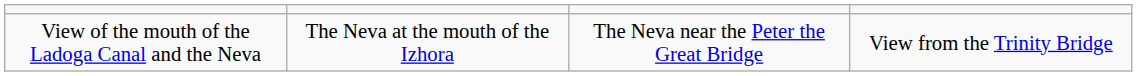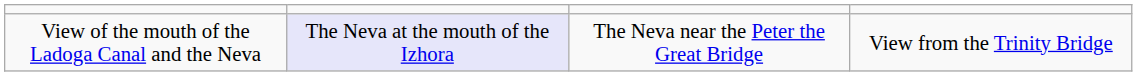 <table Class = "wikitable" style = "text-align: center">
 <tr>
 <td style="width:25%;"></td>
 <td style="width:25%;"></td>
 <td style="width:25%;"></td>
 <td style="width:25%;"></td>
 </tr>
 <tr>
 <td>View of the mouth of the <a href='#'>Ladoga Canal</a> and the Neva</td>
-<td>The Neva at the mouth of the <a href='#'>Izhora</a></td>
+<td style="background: lavender;">The Neva at the mouth of the <a href='#'>Izhora</a></td>
 <td>The Neva near the <a href='#'>Peter the Great Bridge</a></td>
 <td>View from the <a href='#'>Trinity Bridge</a></td>
 </tr>
 </table>
